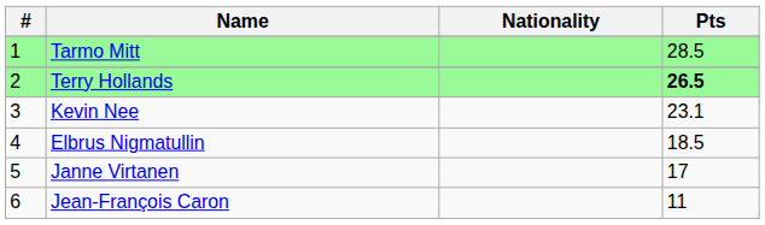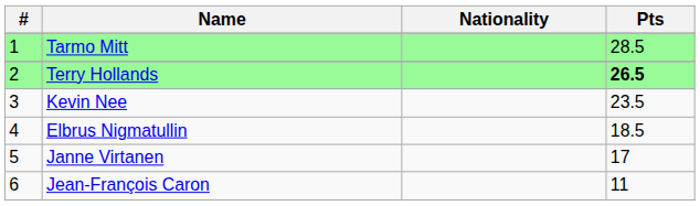 <table class="wikitable" style="display: inline-table; width: 50%;">
 <tr>
 <th>#</th>
 <th>Name</th>
 <th>Nationality</th>
 <th>Pts</th>
 </tr>
 <tr>
 </tr>
 <tr style="background:palegreen;">
 <td>1</td>
 <td><a href='#'>Tarmo Mitt</a></td>
 <td></td>
 <td>28.5</td>
 </tr>
 <tr>
 </tr>
 <tr style="background:palegreen;">
 <td>2</td>
 <td><a href='#'>Terry Hollands</a></td>
 <td></td>
 <td><strong>26.5</strong></td>
 </tr>
 <tr>
 <td>3</td>
 <td><a href='#'>Kevin Nee</a></td>
 <td></td>
-<td>23.1</td>
+<td>23.5</td>
 </tr>
 <tr>
 <td>4</td>
 <td><a href='#'>Elbrus Nigmatullin</a></td>
 <td></td>
 <td>18.5</td>
 </tr>
 <tr>
 <td>5</td>
 <td><a href='#'>Janne Virtanen</a></td>
 <td></td>
 <td>17</td>
 </tr>
 <tr>
 <td>6</td>
 <td><a href='#'>Jean-François Caron</a></td>
 <td></td>
 <td>11</td>
 </tr>
 </table>
